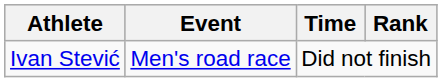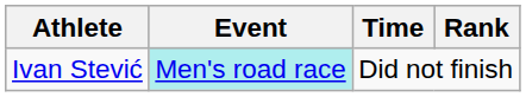 <table class="wikitable" style="font-size:90%">
 <tr>
 <th>Athlete</th>
 <th>Event</th>
 <th>Time</th>
 <th>Rank</th>
 </tr>
 <tr align=center>
 <td align=left><a href='#'>Ivan Stević</a></td>
-<td align=left><a href='#'>Men's road race</a></td>
+<td align=left style="background: paleturquoise;"><a href='#'>Men's road race</a></td>
 <td colspan=2>Did not finish</td>
 </tr>
 </table>
